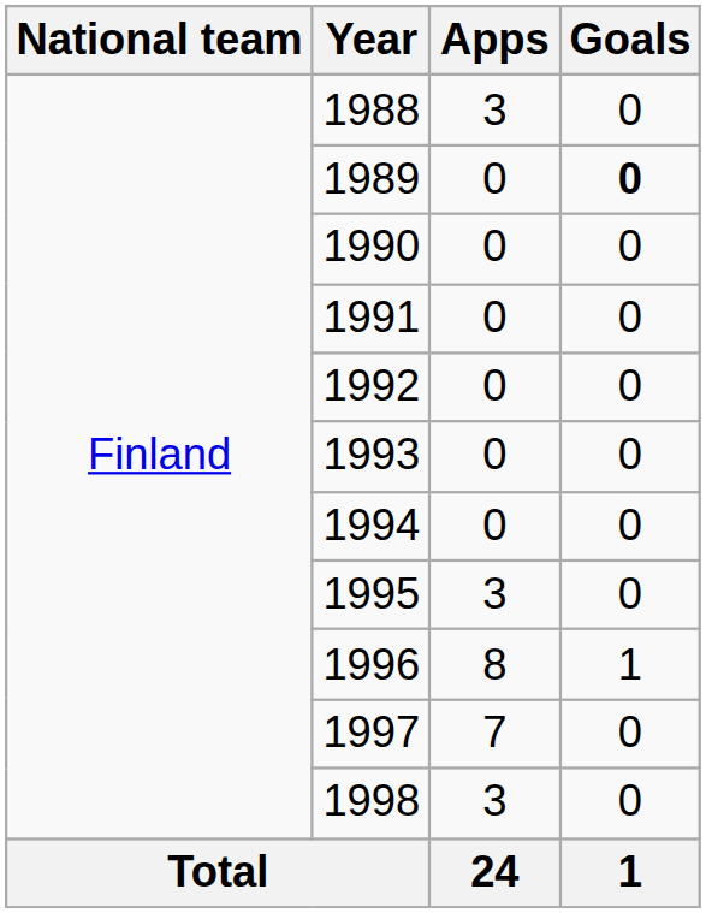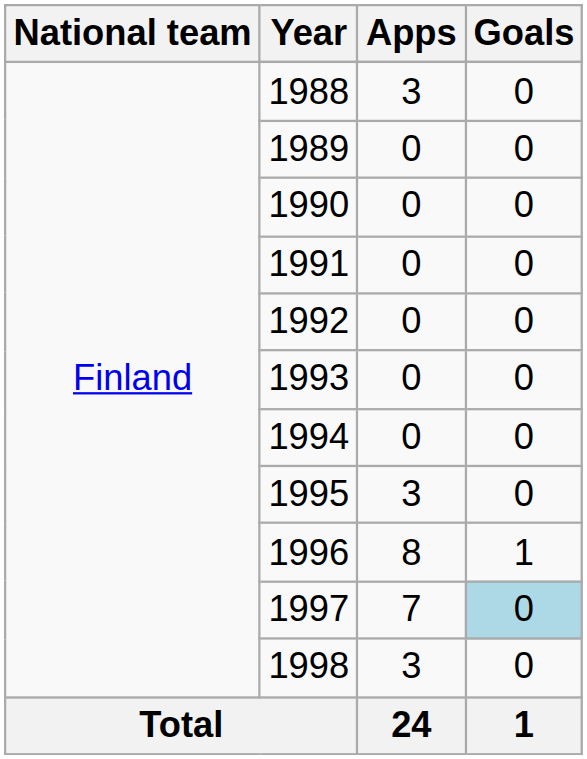 <table class="wikitable" style="text-align:center">
 <tr>
 <th>National team</th>
 <th>Year</th>
 <th>Apps</th>
 <th>Goals</th>
 </tr>
 <tr>
 <td rowspan="12"><a href='#'>Finland</a></td>
 </tr>
 <tr>
 <td>1988</td>
 <td>3</td>
 <td>0</td>
 </tr>
 <tr>
 <td>1989</td>
 <td>0</td>
-<td><strong>0</strong></td>
+<td>0</td>
 </tr>
 <tr>
 <td>1990</td>
 <td>0</td>
 <td>0</td>
 </tr>
 <tr>
 <td>1991</td>
 <td>0</td>
 <td>0</td>
 </tr>
 <tr>
 <td>1992</td>
 <td>0</td>
 <td>0</td>
 </tr>
 <tr>
 <td>1993</td>
 <td>0</td>
 <td>0</td>
 </tr>
 <tr>
 <td>1994</td>
 <td>0</td>
 <td>0</td>
 </tr>
 <tr>
 <td>1995</td>
 <td>3</td>
 <td>0</td>
 </tr>
 <tr>
 <td>1996</td>
 <td>8</td>
 <td>1</td>
 </tr>
 <tr>
 <td>1997</td>
 <td>7</td>
-<td>0</td>
+<td style="background: lightblue;">0</td>
 </tr>
 <tr>
 <td>1998</td>
 <td>3</td>
 <td>0</td>
 </tr>
 <tr>
 <th colspan="2">Total</th>
 <th>24</th>
 <th>1</th>
 </tr>
 </table>
